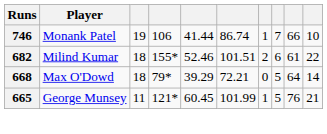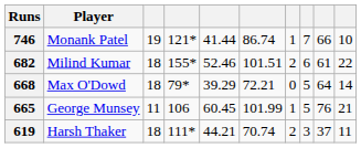 <table class="wikitable sortable" style="text-align:centre;">
 <tr>
 <th scope=col>Runs</th>
 <th scope=col>Player</th>
 <th scope=col></th>
 <th scope=col></th>
 <th scope=col><a href='#'></a></th>
 <th scope=col><a href='#'></a></th>
 <th scope=col><a href='#'></a></th>
 <th scope=col></th>
 <th scope=col><a href='#'></a></th>
 <th scope=col></th>
 </tr>
 <tr>
 <th scope=row>746</th>
 <td> <a href='#'>Monank Patel</a></td>
 <td>19</td>
-<td>106</td>
+<td>121*</td>
 <td align="center">41.44</td>
 <td>86.74</td>
 <td>1</td>
 <td>7</td>
 <td>66</td>
 <td>10</td>
 </tr>
 <tr>
 <th scope=row>682</th>
 <td> <a href='#'>Milind Kumar</a></td>
 <td>18</td>
 <td>155*</td>
 <td align="center">52.46</td>
 <td>101.51</td>
 <td>2</td>
 <td>6</td>
 <td>61</td>
 <td>22</td>
 </tr>
 <tr>
 <th scope=row>668</th>
 <td> <a href='#'>Max O'Dowd</a></td>
 <td>18</td>
 <td>79*</td>
 <td align=center>39.29</td>
 <td>72.21</td>
 <td>0</td>
 <td>5</td>
 <td>64</td>
 <td>14</td>
 </tr>
 <tr>
 <th scope=row>665</th>
 <td> <a href='#'>George Munsey</a></td>
 <td>11</td>
-<td>121*</td>
+<td>106</td>
 <td align=center>60.45</td>
 <td>101.99</td>
 <td>1</td>
 <td>5</td>
 <td>76</td>
 <td>21</td>
 </tr>
+<tr>
+<th scope=row>619</th>
+<td> <a href='#'>Harsh Thaker</a></td>
+<td>18</td>
+<td>111*</td>
+<td align=center>44.21</td>
+<td>70.74</td>
+<td>2</td>
+<td>3</td>
+<td>37</td>
+<td>11</td>
+</tr>
 </table>
